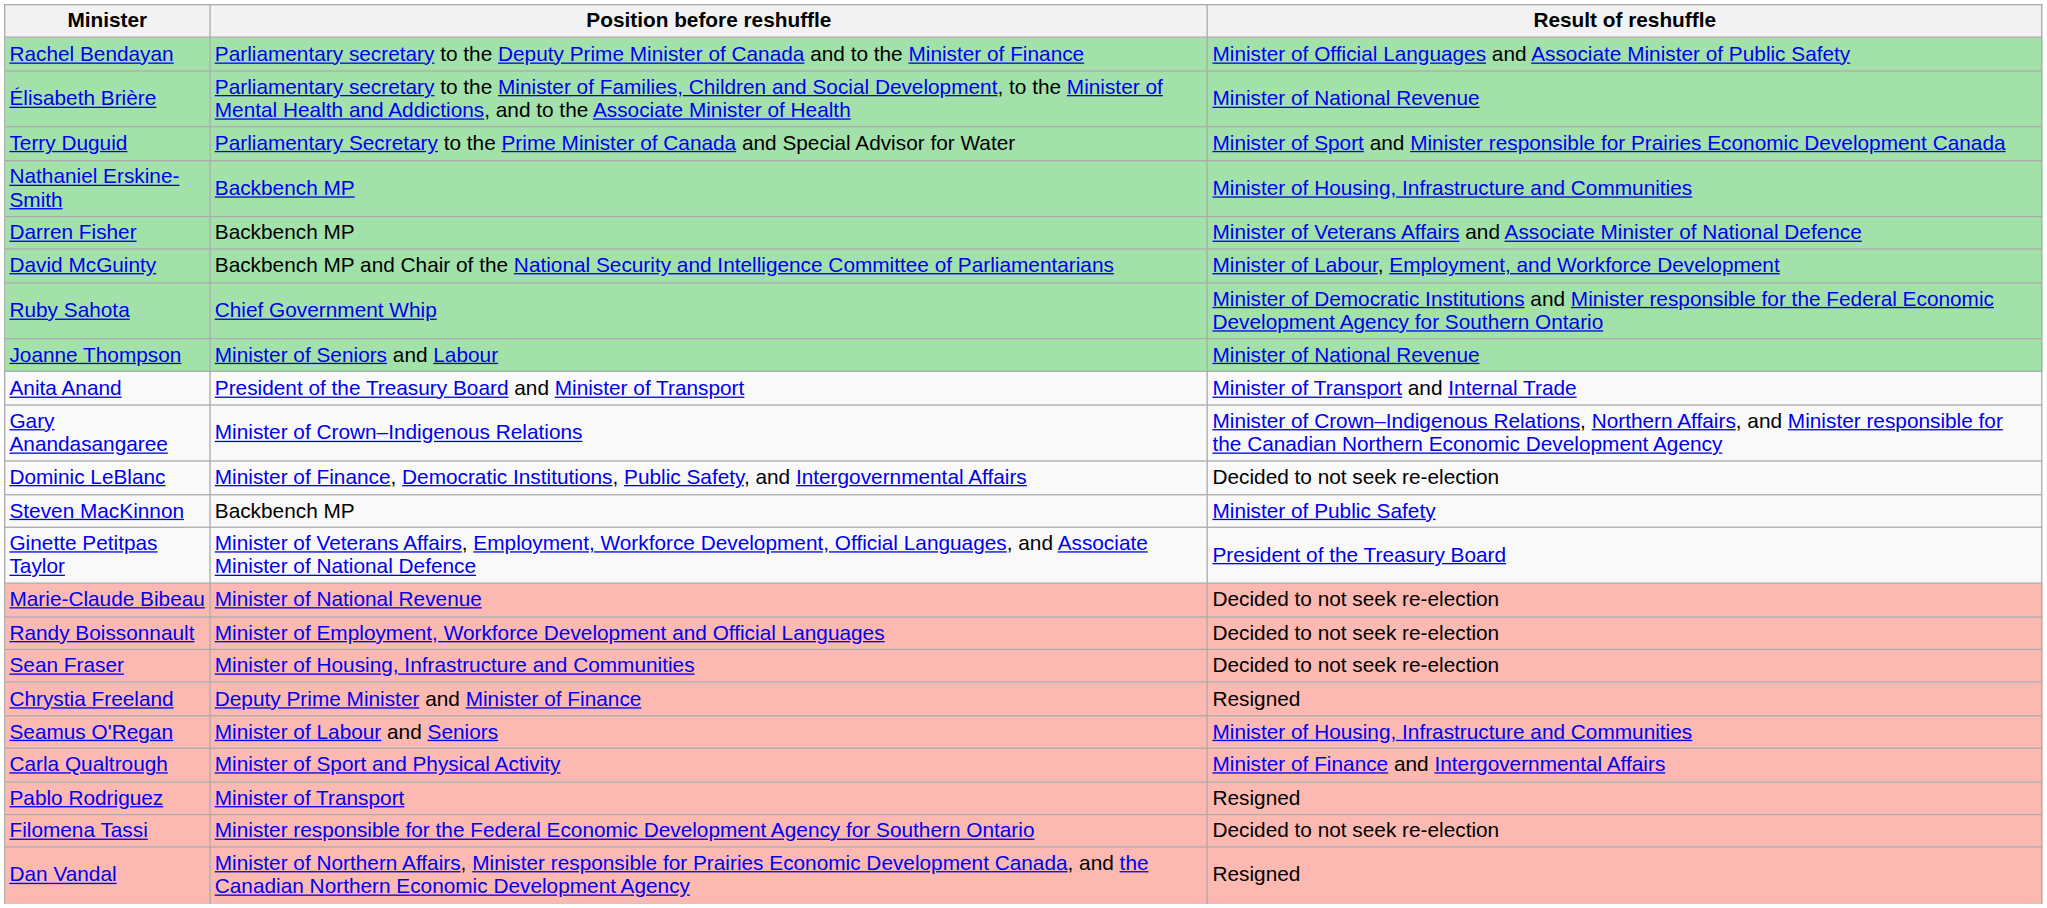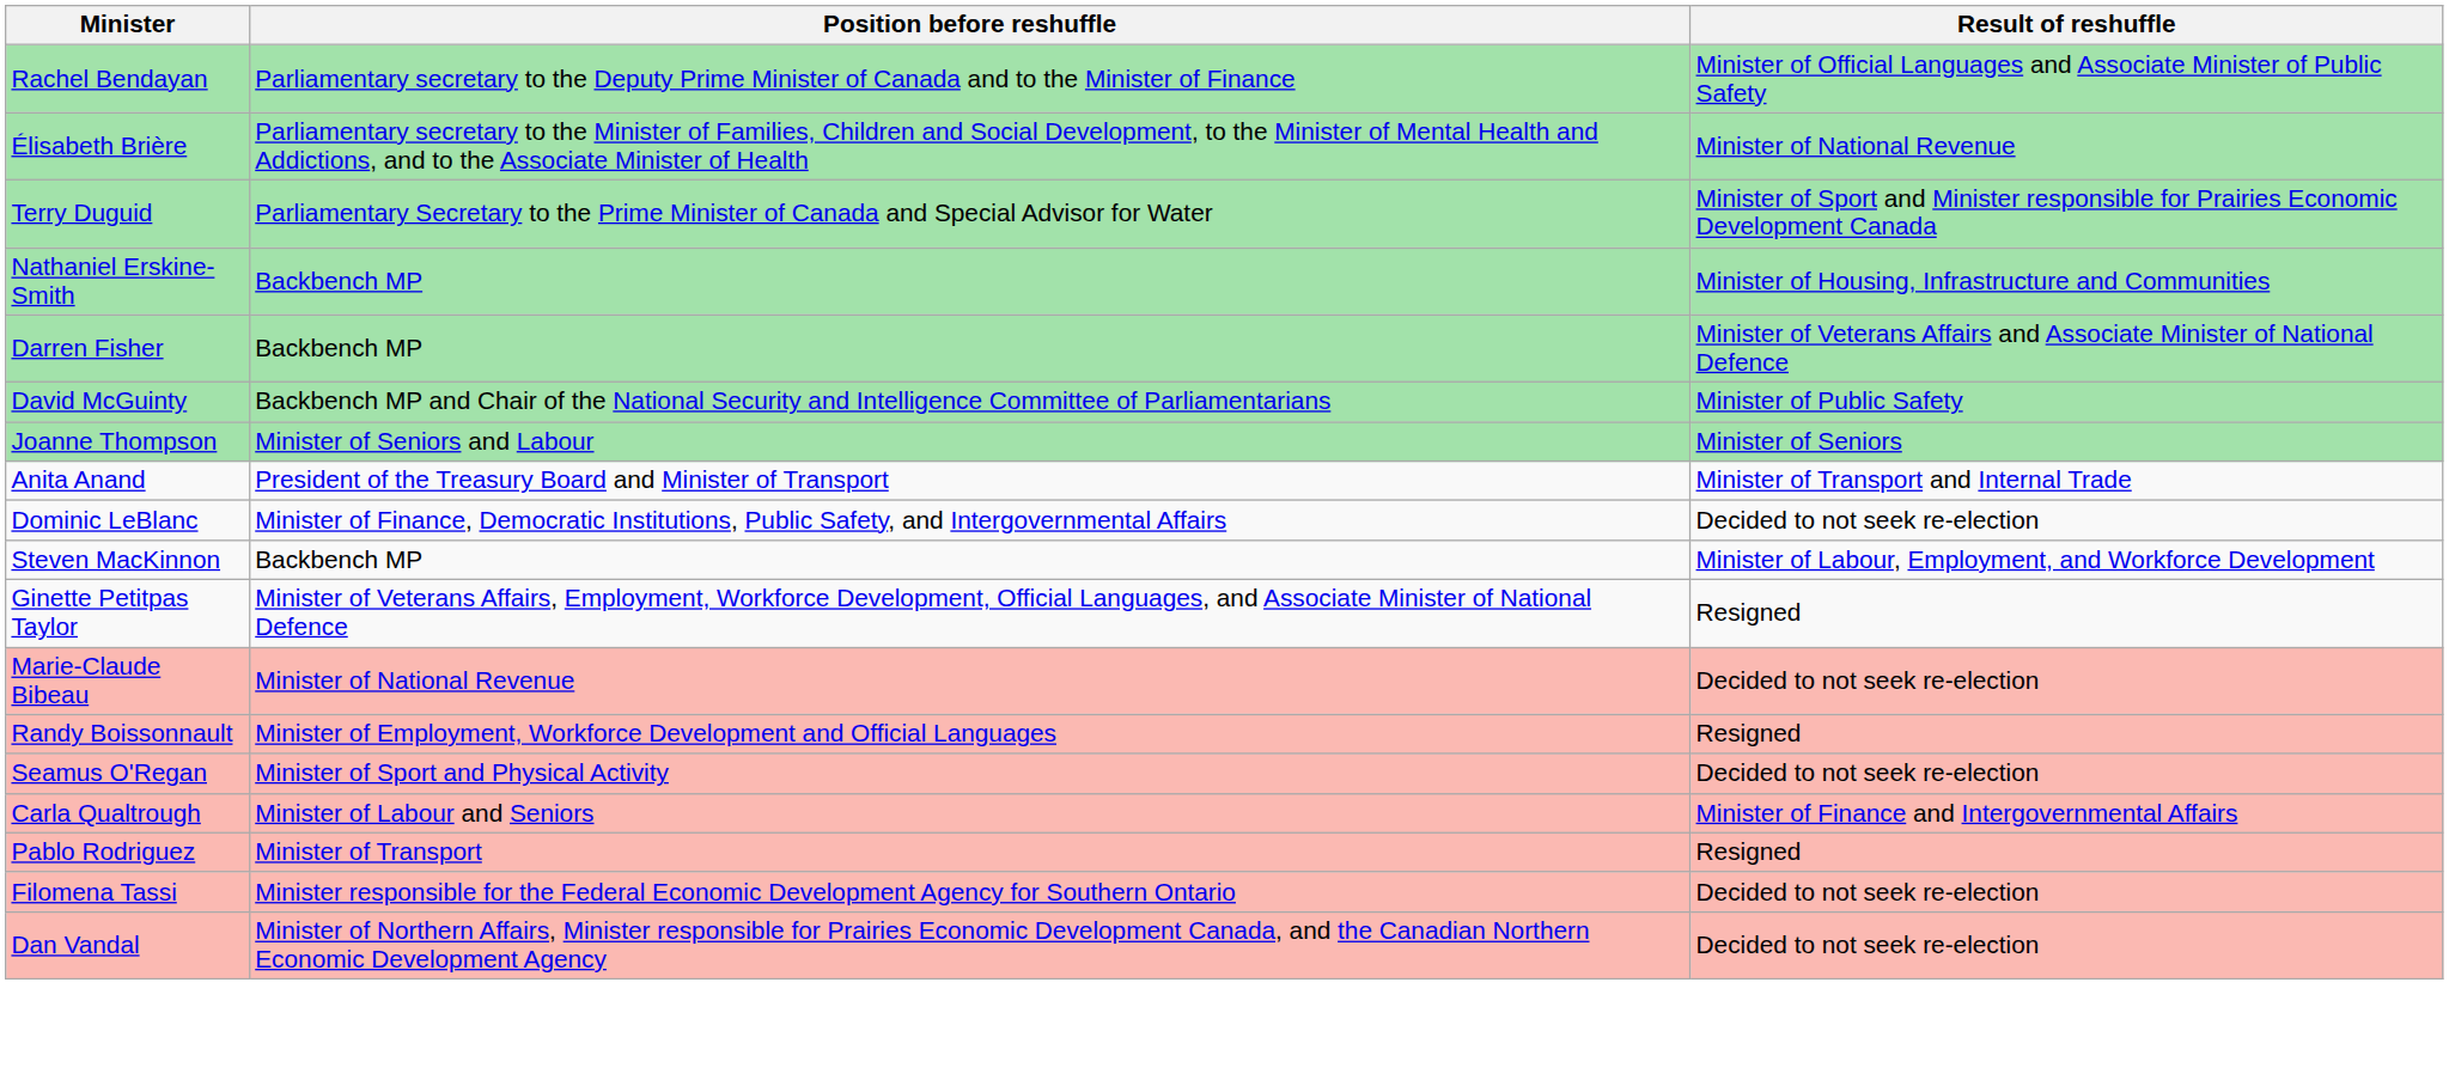 <table class="wikitable">
 <tr>
 <th>Minister</th>
 <th>Position before reshuffle</th>
 <th>Result of reshuffle</th>
 </tr>
 <tr style="background:#A2E2AA;">
 <td><a href='#'>Rachel Bendayan</a></td>
 <td><a href='#'>Parliamentary secretary</a> to the <a href='#'>Deputy Prime Minister of Canada</a> and to the <a href='#'>Minister of Finance</a></td>
 <td><a href='#'>Minister of Official Languages</a> and <a href='#'>Associate Minister of Public Safety</a></td>
 </tr>
 <tr style="background:#A2E2AA;">
 <td><a href='#'>Élisabeth Brière</a></td>
 <td><a href='#'>Parliamentary secretary</a> to the <a href='#'>Minister of Families, Children and Social Development</a>, to the <a href='#'>Minister of Mental Health and Addictions</a>, and to the <a href='#'>Associate Minister of Health</a></td>
 <td><a href='#'>Minister of National Revenue</a></td>
 </tr>
 <tr style="background:#A2E2AA;">
 <td><a href='#'>Terry Duguid</a></td>
 <td><a href='#'>Parliamentary Secretary</a> to the <a href='#'>Prime Minister of Canada</a> and Special Advisor for Water</td>
 <td><a href='#'>Minister of Sport</a> and <a href='#'>Minister responsible for Prairies Economic Development Canada</a></td>
 </tr>
 <tr style="background:#A2E2AA;">
 <td><a href='#'>Nathaniel Erskine-Smith</a></td>
 <td><a href='#'>Backbench MP</a></td>
 <td><a href='#'>Minister of Housing, Infrastructure and Communities</a></td>
 </tr>
 <tr style="background:#A2E2AA;">
 <td><a href='#'>Darren Fisher</a></td>
 <td>Backbench MP</td>
 <td><a href='#'>Minister of Veterans Affairs</a> and <a href='#'>Associate Minister of National Defence</a></td>
 </tr>
 <tr style="background:#A2E2AA;">
 <td><a href='#'>David McGuinty</a></td>
 <td>Backbench MP and Chair of the <a href='#'>National Security and Intelligence Committee of Parliamentarians</a></td>
-<td><a href='#'>Minister of Labour</a>, <a href='#'>Employment, and Workforce Development</a></td>
-</tr>
-<tr style="background:#A2E2AA;">
-<td><a href='#'>Ruby Sahota</a></td>
-<td><a href='#'>Chief Government Whip</a></td>
-<td><a href='#'>Minister of Democratic Institutions</a> and <a href='#'>Minister responsible for the Federal Economic Development Agency for Southern Ontario</a></td>
+<td><a href='#'>Minister of Public Safety</a></td>
 </tr>
 <tr style="background:#A2E2AA;">
 <td><a href='#'>Joanne Thompson</a></td>
 <td><a href='#'>Minister of Seniors</a> and <a href='#'>Labour</a></td>
-<td><a href='#'>Minister of National Revenue</a></td>
+<td><a href='#'>Minister of Seniors</a></td>
 </tr>
 <tr>
 <td><a href='#'>Anita Anand</a></td>
 <td><a href='#'>President of the Treasury Board</a> and <a href='#'>Minister of Transport</a></td>
 <td><a href='#'>Minister of Transport</a> and <a href='#'>Internal Trade</a></td>
-</tr>
-<tr>
-<td><a href='#'>Gary Anandasangaree</a></td>
-<td><a href='#'>Minister of Crown–Indigenous Relations</a></td>
-<td><a href='#'>Minister of Crown–Indigenous Relations</a>, <a href='#'>Northern Affairs</a>, and <a href='#'>Minister responsible for the Canadian Northern Economic Development Agency</a></td>
 </tr>
 <tr>
 <td><a href='#'>Dominic LeBlanc</a></td>
 <td><a href='#'>Minister of Finance</a>, <a href='#'>Democratic Institutions</a>, <a href='#'>Public Safety</a>, and <a href='#'>Intergovernmental Affairs</a></td>
 <td>Decided to not seek re-election</td>
 </tr>
 <tr>
 <td><a href='#'>Steven MacKinnon</a></td>
 <td>Backbench MP</td>
-<td><a href='#'>Minister of Public Safety</a></td>
+<td><a href='#'>Minister of Labour</a>, <a href='#'>Employment, and Workforce Development</a></td>
 </tr>
 <tr>
 <td><a href='#'>Ginette Petitpas Taylor</a></td>
 <td><a href='#'>Minister of Veterans Affairs</a>, <a href='#'>Employment, Workforce Development, Official Languages</a>, and <a href='#'>Associate Minister of National Defence</a></td>
-<td><a href='#'>President of the Treasury Board</a></td>
+<td>Resigned</td>
 </tr>
 <tr style="background:#FBB9B2;">
 <td><a href='#'>Marie-Claude Bibeau</a></td>
 <td><a href='#'>Minister of National Revenue</a></td>
 <td>Decided to not seek re-election</td>
 </tr>
 <tr style="background:#FBB9B2;">
 <td><a href='#'>Randy Boissonnault</a></td>
 <td><a href='#'>Minister of Employment, Workforce Development and Official Languages</a></td>
-<td>Decided to not seek re-election</td>
-</tr>
-<tr style="background:#FBB9B2;">
-<td><a href='#'>Sean Fraser</a></td>
-<td><a href='#'>Minister of Housing, Infrastructure and Communities</a></td>
-<td>Decided to not seek re-election</td>
-</tr>
-<tr style="background:#FBB9B2;">
-<td><a href='#'>Chrystia Freeland</a></td>
-<td><a href='#'>Deputy Prime Minister</a> and <a href='#'>Minister of Finance</a></td>
 <td>Resigned</td>
 </tr>
 <tr style="background:#FBB9B2;">
 <td><a href='#'>Seamus O'Regan</a></td>
-<td><a href='#'>Minister of Labour</a> and <a href='#'>Seniors</a></td>
-<td><a href='#'>Minister of Housing, Infrastructure and Communities</a></td>
+<td><a href='#'>Minister of Sport and Physical Activity</a></td>
+<td>Decided to not seek re-election</td>
 </tr>
 <tr style="background:#FBB9B2;">
 <td><a href='#'>Carla Qualtrough</a></td>
-<td><a href='#'>Minister of Sport and Physical Activity</a></td>
+<td><a href='#'>Minister of Labour</a> and <a href='#'>Seniors</a></td>
 <td><a href='#'>Minister of Finance</a> and <a href='#'>Intergovernmental Affairs</a></td>
 </tr>
 <tr style="background:#FBB9B2;">
 <td><a href='#'>Pablo Rodriguez</a></td>
 <td><a href='#'>Minister of Transport</a></td>
 <td>Resigned</td>
 </tr>
 <tr style="background:#FBB9B2;">
 <td><a href='#'>Filomena Tassi</a></td>
 <td><a href='#'>Minister responsible for the Federal Economic Development Agency for Southern Ontario</a></td>
 <td>Decided to not seek re-election</td>
 </tr>
 <tr style="background:#FBB9B2;">
 <td><a href='#'>Dan Vandal</a></td>
 <td><a href='#'>Minister of Northern Affairs</a>, <a href='#'>Minister responsible for Prairies Economic Development Canada</a>, and <a href='#'>the Canadian Northern Economic Development Agency</a></td>
-<td>Resigned</td>
+<td>Decided to not seek re-election</td>
 </tr>
 </table>
